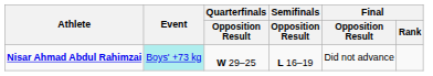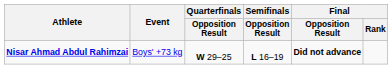 <table class="wikitable" style="font-size:90%">
 <tr>
 <th rowspan="2">Athlete</th>
 <th rowspan="2">Event</th>
 <th>Quarterfinals</th>
 <th>Semifinals</th>
 <th colspan=2>Final</th>
 </tr>
 <tr style="font-size:95%">
 <th>Opposition<br>Result</th>
 <th>Opposition<br>Result</th>
 <th>Opposition<br>Result</th>
 <th>Rank</th>
 </tr>
 <tr align=center>
 <td align=left><strong><a href='#'>Nisar Ahmad Abdul Rahimzai</a></strong></td>
-<td align=left style="background: paleturquoise;"><a href='#'>Boys' +73 kg</a></td>
+<td align=left><a href='#'>Boys' +73 kg</a></td>
 <td><br><strong>W</strong> 29–25</td>
 <td><br><strong>L</strong> 16–19</td>
-<td>Did not advance</td>
+<td><strong>Did not advance</strong></td>
 <td></td>
 </tr>
 </table>
